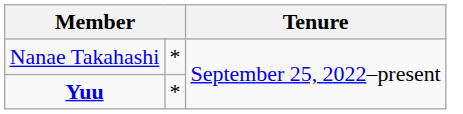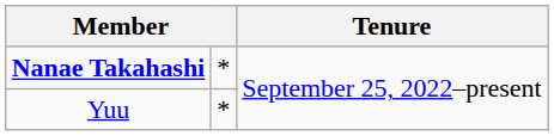 <table class="wikitable sortable" style="text-align:center;">
 <tr>
 <th colspan="2">Member</th>
 <th>Tenure</th>
 </tr>
 <tr>
-<td><a href='#'>Nanae Takahashi</a></td>
+<td><strong><a href='#'>Nanae Takahashi</a></strong></td>
 <td>*</td>
 <td rowspan=2><a href='#'>September 25, 2022</a>–present</td>
 </tr>
 <tr>
-<td><strong><a href='#'>Yuu</a></strong></td>
+<td><a href='#'>Yuu</a></td>
 <td>*</td>
 </tr>
 </table>
